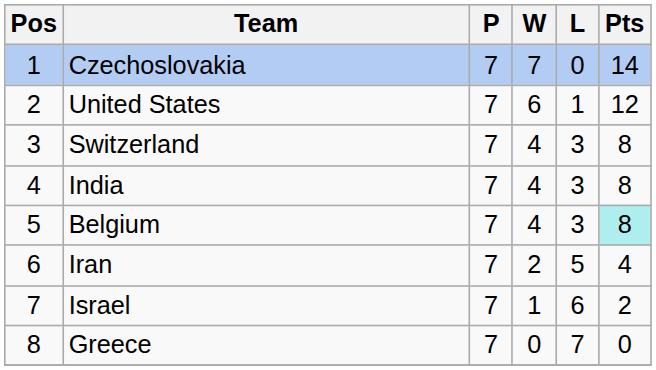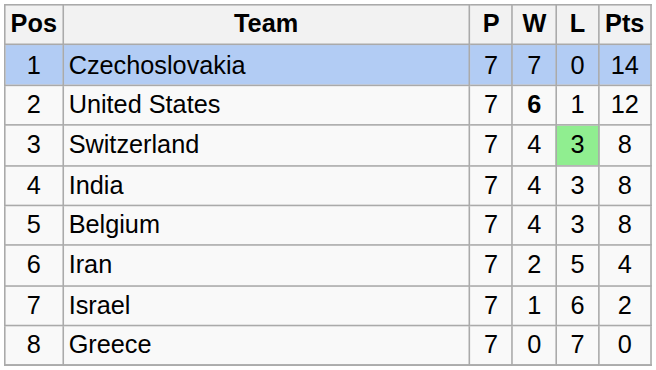 <table class="wikitable" style="font-size: 100%">
 <tr>
 <th width=15>Pos</th>
 <th width=250>Team</th>
 <th width=20>P</th>
 <th width=20>W</th>
 <th width=20>L</th>
 <th width=20>Pts</th>
 </tr>
 <tr align=center style="background: #b2ccf4;">
 <td>1</td>
 <td align="left"> Czechoslovakia</td>
 <td>7</td>
 <td>7</td>
 <td>0</td>
 <td>14</td>
 </tr>
 <tr align=center>
 <td>2</td>
 <td align="left"> United States</td>
 <td>7</td>
-<td>6</td>
+<td><strong>6</strong></td>
 <td>1</td>
 <td>12</td>
 </tr>
 <tr align=center>
 <td>3</td>
 <td align="left"> Switzerland</td>
 <td>7</td>
 <td>4</td>
-<td>3</td>
+<td style="background: lightgreen;">3</td>
 <td>8</td>
 </tr>
 <tr align=center>
 <td>4</td>
 <td align="left"> India</td>
 <td>7</td>
 <td>4</td>
 <td>3</td>
 <td>8</td>
 </tr>
 <tr align=center>
 <td>5</td>
 <td align="left"> Belgium</td>
 <td>7</td>
 <td>4</td>
 <td>3</td>
-<td style="background: paleturquoise;">8</td>
+<td>8</td>
 </tr>
 <tr align=center>
 <td>6</td>
 <td align="left"> Iran</td>
 <td>7</td>
 <td>2</td>
 <td>5</td>
 <td>4</td>
 </tr>
 <tr align=center>
 <td>7</td>
 <td align="left"> Israel</td>
 <td>7</td>
 <td>1</td>
 <td>6</td>
 <td>2</td>
 </tr>
 <tr align=center>
 <td>8</td>
 <td align="left"> Greece</td>
 <td>7</td>
 <td>0</td>
 <td>7</td>
 <td>0</td>
 </tr>
 <tr align=center>
 </tr>
 </table>
